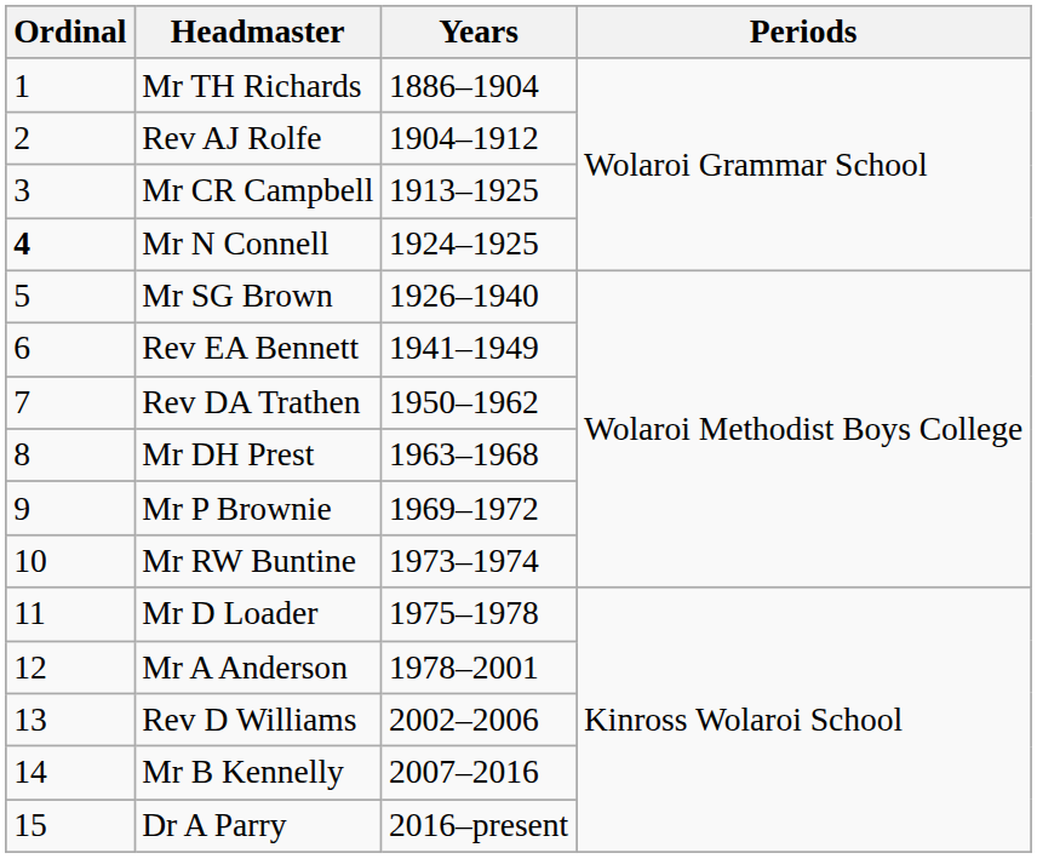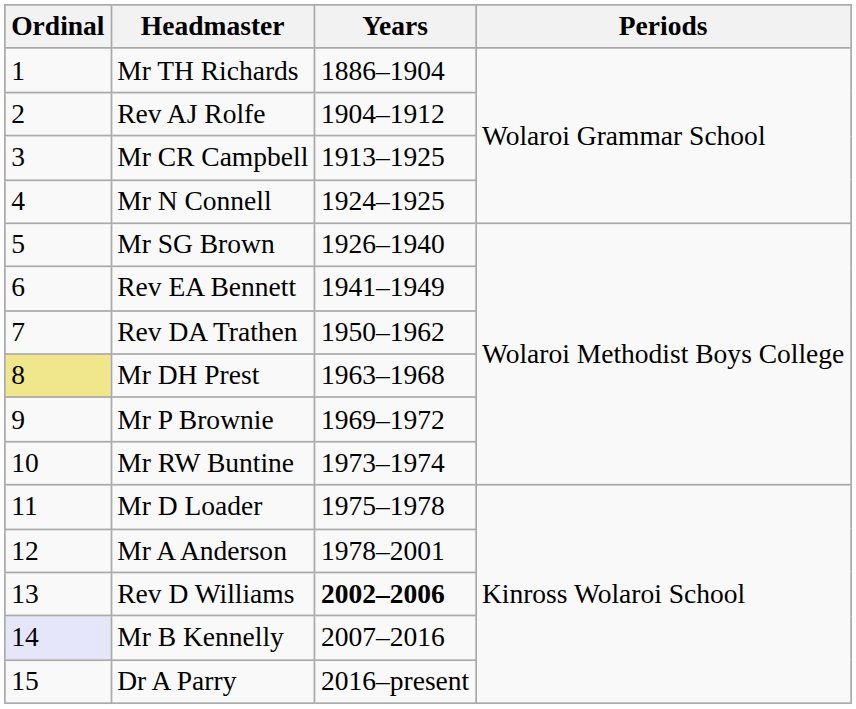 <table class="wikitable">
 <tr>
 <th>Ordinal</th>
 <th>Headmaster</th>
 <th>Years</th>
 <th>Periods</th>
 </tr>
 <tr>
 <td>1</td>
 <td>Mr TH Richards</td>
 <td>1886–1904</td>
 <td rowspan="4">Wolaroi Grammar School</td>
 </tr>
 <tr>
 <td>2</td>
 <td>Rev AJ Rolfe</td>
 <td>1904–1912</td>
 </tr>
 <tr>
 <td>3</td>
 <td>Mr CR Campbell</td>
 <td>1913–1925</td>
 </tr>
 <tr>
-<td><strong>4</strong></td>
+<td>4</td>
 <td>Mr N Connell</td>
 <td>1924–1925</td>
 </tr>
 <tr>
 <td>5</td>
 <td>Mr SG Brown</td>
 <td>1926–1940</td>
 <td rowspan="6">Wolaroi Methodist Boys College</td>
 </tr>
 <tr>
 <td>6</td>
 <td>Rev EA Bennett</td>
 <td>1941–1949</td>
 </tr>
 <tr>
 <td>7</td>
 <td>Rev DA Trathen</td>
 <td>1950–1962</td>
 </tr>
 <tr>
-<td>8</td>
+<td style="background: khaki;">8</td>
 <td>Mr DH Prest</td>
 <td>1963–1968</td>
 </tr>
 <tr>
 <td>9</td>
 <td>Mr P Brownie</td>
 <td>1969–1972</td>
 </tr>
 <tr>
 <td>10</td>
 <td>Mr RW Buntine</td>
 <td>1973–1974</td>
 </tr>
 <tr>
 <td>11</td>
 <td>Mr D Loader</td>
 <td>1975–1978</td>
 <td rowspan="5">Kinross Wolaroi School</td>
 </tr>
 <tr>
 <td>12</td>
 <td>Mr A Anderson</td>
 <td>1978–2001</td>
 </tr>
 <tr>
 <td>13</td>
 <td>Rev D Williams</td>
-<td>2002–2006</td>
+<td><strong>2002–2006</strong></td>
 </tr>
 <tr>
-<td>14</td>
+<td style="background: lavender;">14</td>
 <td>Mr B Kennelly</td>
 <td>2007–2016</td>
 </tr>
 <tr>
 <td>15</td>
 <td>Dr A Parry</td>
 <td>2016–present</td>
 </tr>
 </table>
